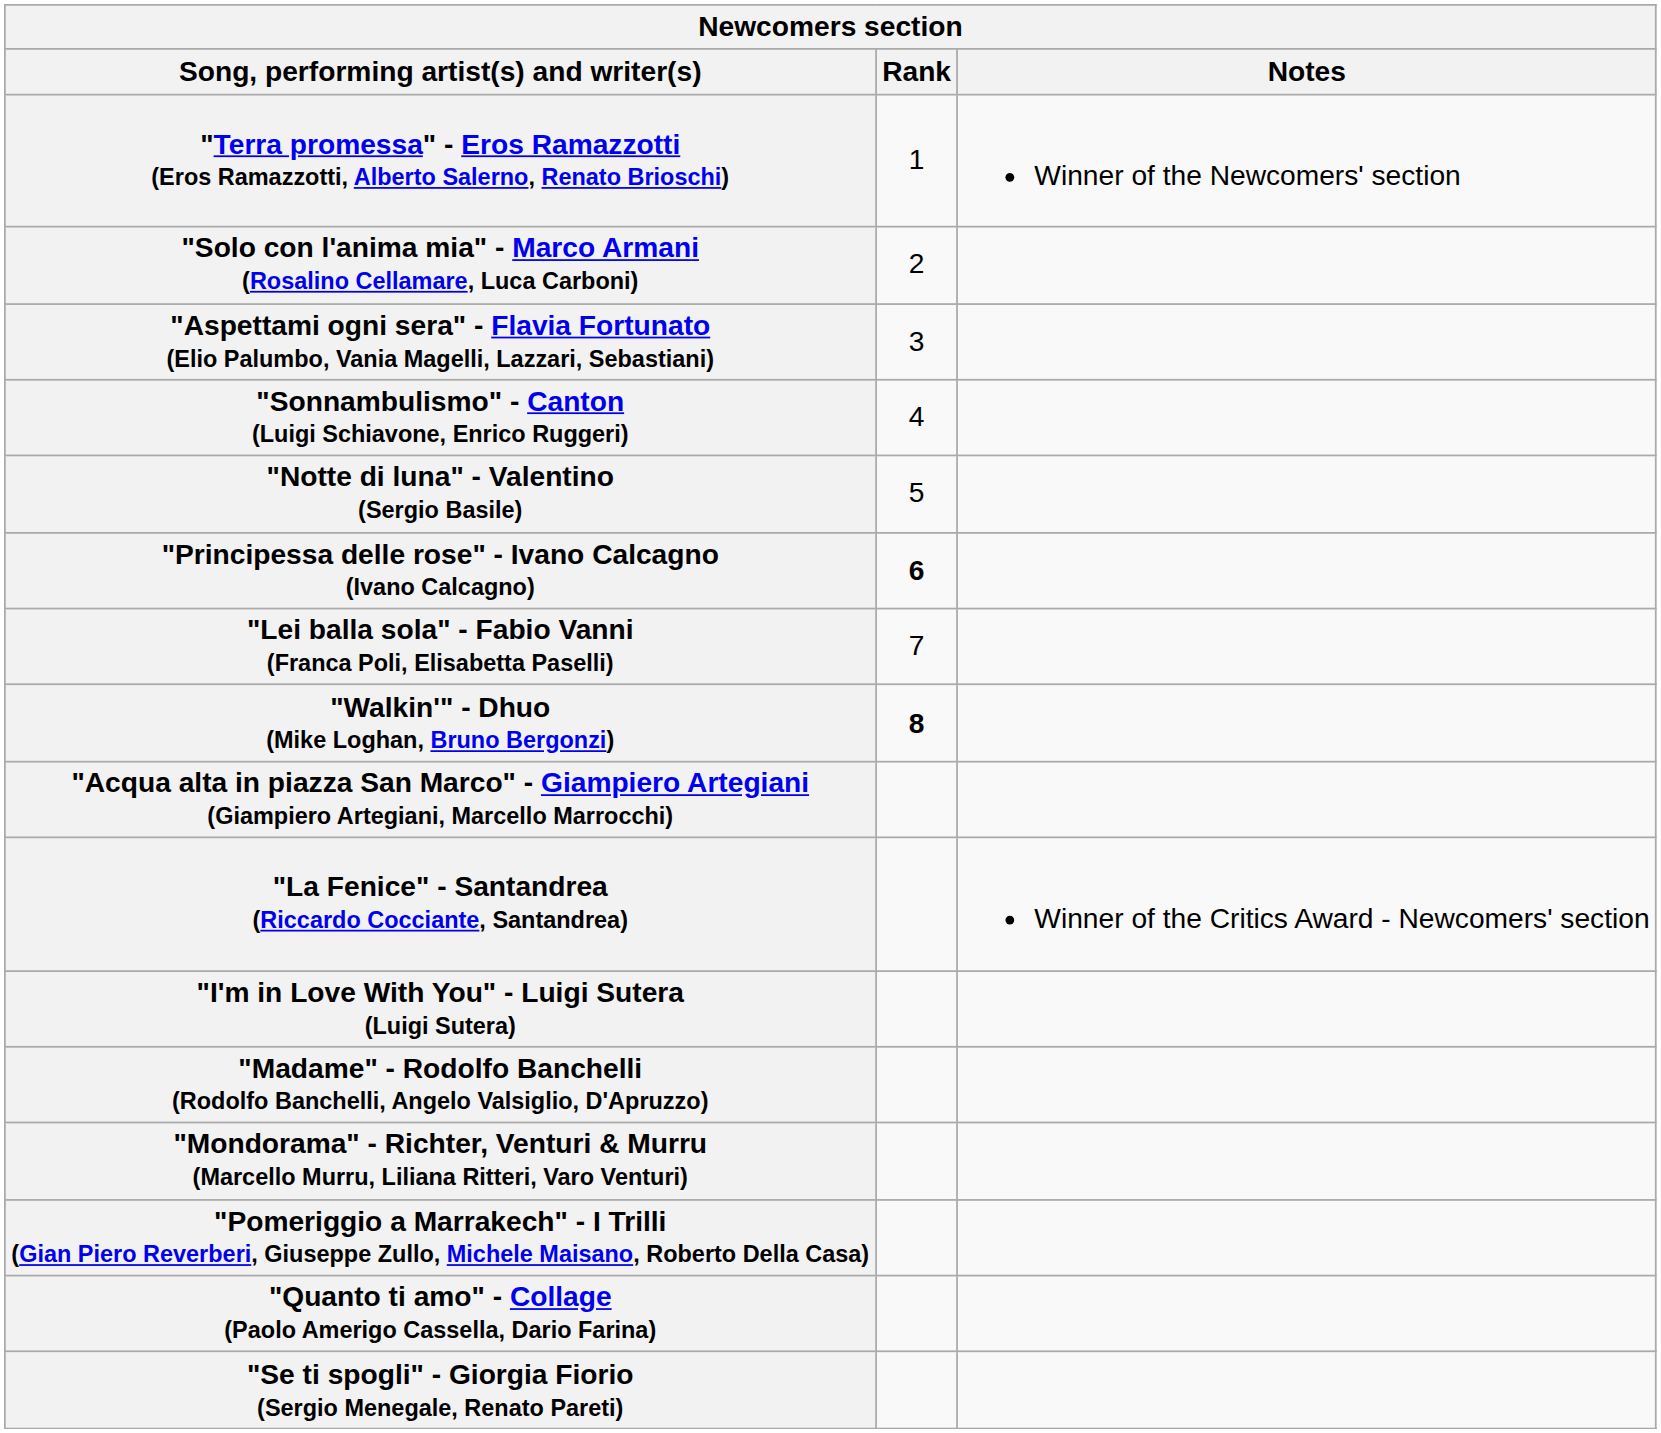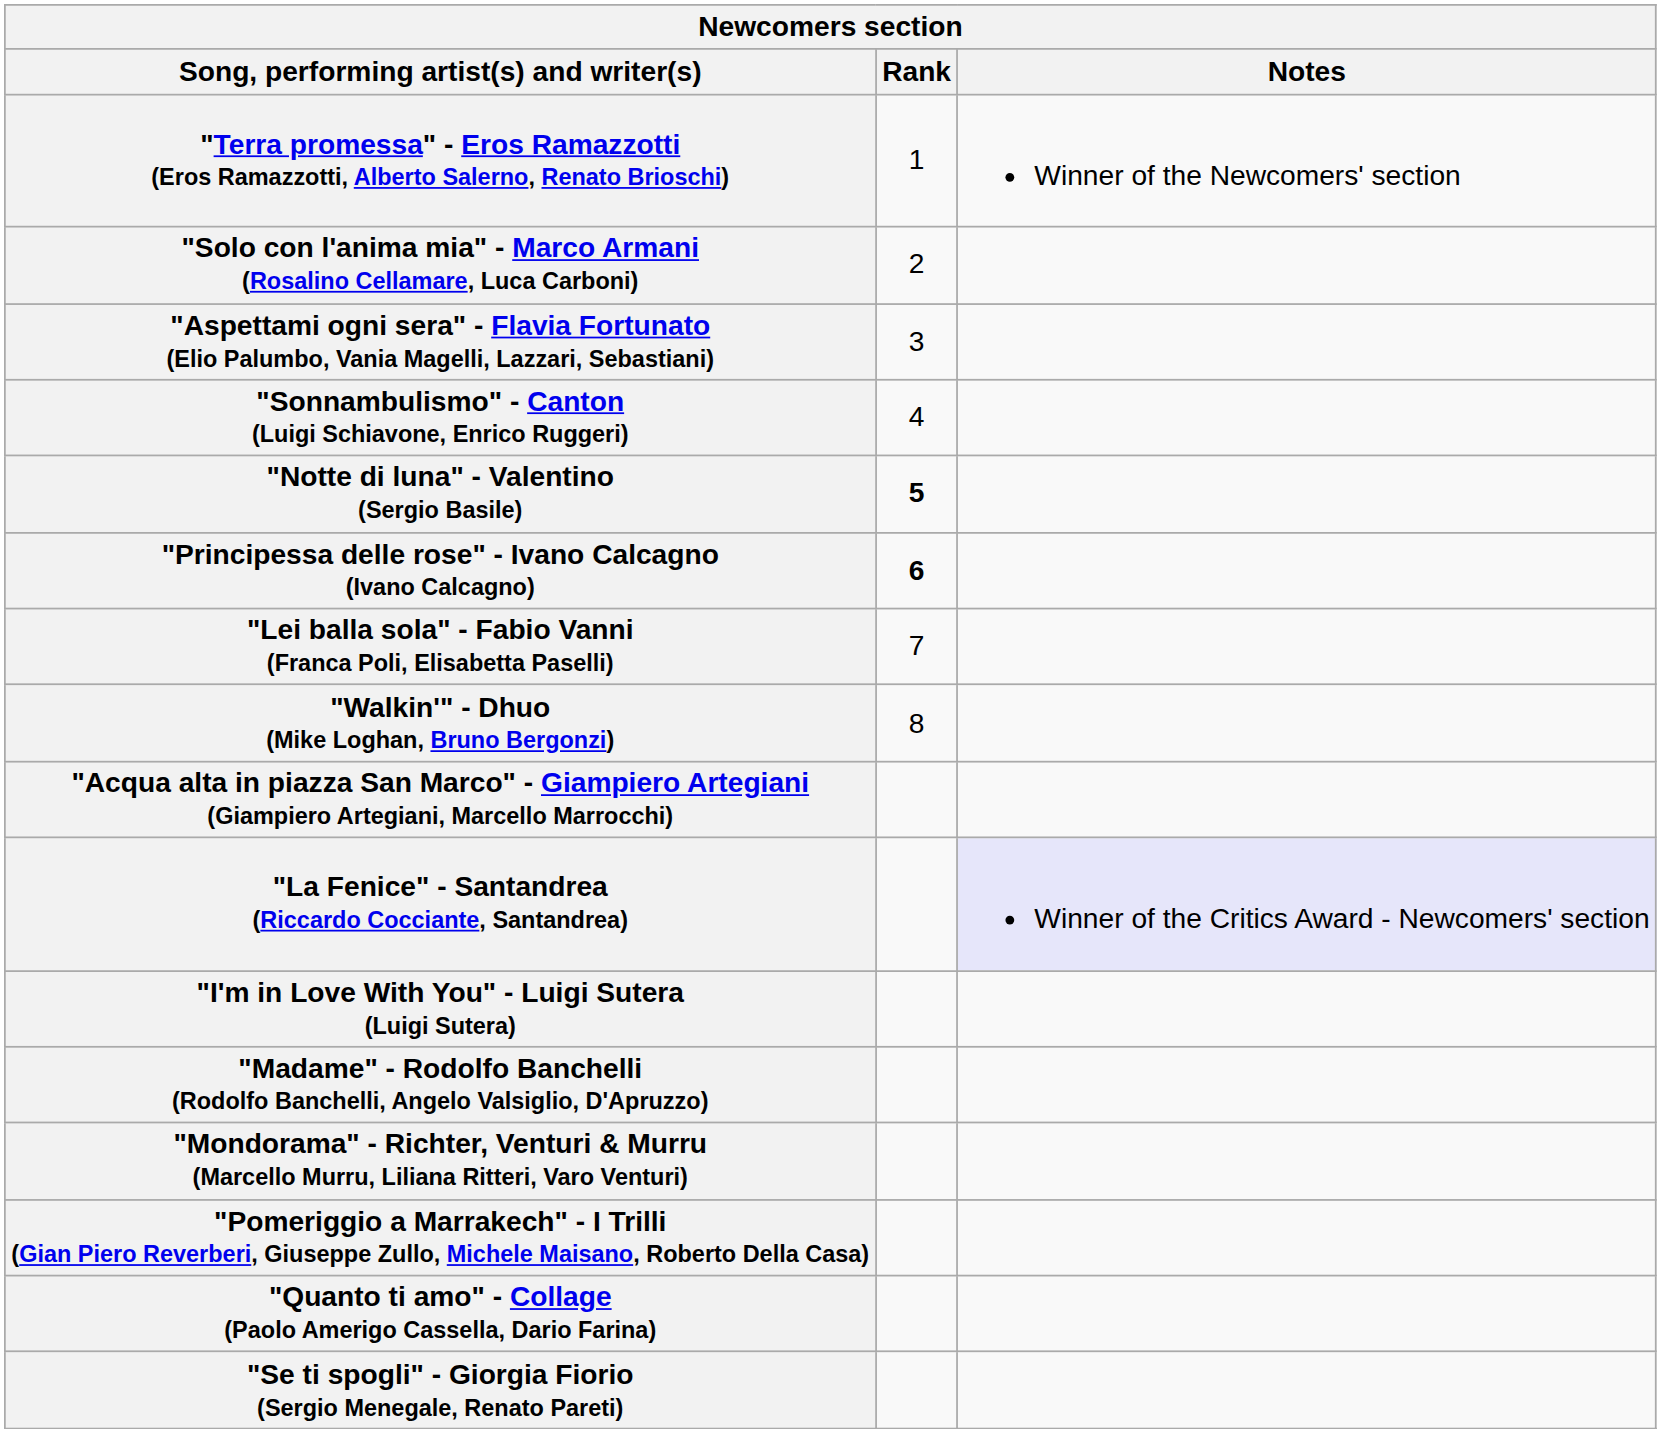 <table class="plainrowheaders wikitable">
 <tr>
 <th colspan="3">Newcomers section </th>
 </tr>
 <tr>
 <th>Song, performing artist(s) and writer(s)</th>
 <th>Rank</th>
 <th>Notes</th>
 </tr>
 <tr>
 <th scope="row">"<a href='#'>Terra promessa</a>" - <a href='#'>Eros Ramazzotti</a> <br><small>(Eros Ramazzotti, <a href='#'>Alberto Salerno</a>, <a href='#'>Renato Brioschi</a>)</small></th>
 <td style="text-align:center;">1</td>
 <td><br><ul><li>Winner of the Newcomers' section</li></ul></td>
 </tr>
 <tr>
 <th scope="row">"Solo con l'anima mia" - <a href='#'>Marco Armani</a> <br><small>(<a href='#'>Rosalino Cellamare</a>, Luca Carboni)</small></th>
 <td style="text-align:center;">2</td>
 <td></td>
 </tr>
 <tr>
 <th scope="row">"Aspettami ogni sera" - <a href='#'>Flavia Fortunato</a><br><small>(Elio Palumbo, Vania Magelli, Lazzari, Sebastiani)</small></th>
 <td style="text-align:center;">3</td>
 <td></td>
 </tr>
 <tr>
 <th scope="row">"Sonnambulismo" - <a href='#'>Canton</a> <br><small>(Luigi Schiavone, Enrico Ruggeri)</small></th>
 <td style="text-align:center;">4</td>
 <td></td>
 </tr>
 <tr>
 <th scope="row">"Notte di luna" - Valentino <br><small>(Sergio Basile)</small></th>
-<td style="text-align:center;">5</td>
+<td style="text-align:center;"><strong>5</strong></td>
 <td></td>
 </tr>
 <tr>
 <th scope="row">"Principessa delle rose" - Ivano Calcagno <br><small>(Ivano Calcagno)</small></th>
 <td style="text-align:center;"><strong>6</strong></td>
 <td></td>
 </tr>
 <tr>
 <th scope="row">"Lei balla sola" - Fabio Vanni <br><small>(Franca Poli, Elisabetta Paselli)</small></th>
 <td style="text-align:center;">7</td>
 <td></td>
 </tr>
 <tr>
 <th scope="row">"Walkin'" - Dhuo <br><small>(Mike Loghan, <a href='#'>Bruno Bergonzi</a>)</small></th>
-<td style="text-align:center;"><strong>8</strong></td>
+<td style="text-align:center;">8</td>
 <td></td>
 </tr>
 <tr>
 <th scope="row">"Acqua alta in piazza San Marco" - <a href='#'>Giampiero Artegiani</a> <br><small>(Giampiero Artegiani, Marcello Marrocchi)</small></th>
 <td></td>
 <td></td>
 </tr>
 <tr>
 <th scope="row">"La Fenice" - Santandrea <br><small>(<a href='#'>Riccardo Cocciante</a>, Santandrea)</small></th>
 <td></td>
-<td><br><ul><li>Winner of the Critics Award - Newcomers' section</li></ul></td>
+<td style="background: lavender;"><br><ul><li>Winner of the Critics Award - Newcomers' section</li></ul></td>
 </tr>
 <tr>
 <th scope="row">"I'm in Love With You" - Luigi Sutera <br><small>(Luigi Sutera)</small></th>
 <td></td>
 <td></td>
 </tr>
 <tr>
 <th scope="row">"Madame" - Rodolfo Banchelli <br><small>(Rodolfo Banchelli, Angelo Valsiglio, D'Apruzzo)</small></th>
 <td></td>
 <td></td>
 </tr>
 <tr>
 <th scope="row">"Mondorama" - Richter, Venturi & Murru <br><small>(Marcello Murru, Liliana Ritteri, Varo Venturi)</small></th>
 <td></td>
 <td></td>
 </tr>
 <tr>
 <th scope="row">"Pomeriggio a Marrakech" - I Trilli<br><small>(<a href='#'>Gian Piero Reverberi</a>, Giuseppe Zullo, <a href='#'>Michele Maisano</a>, Roberto Della Casa)</small></th>
 <td></td>
 <td></td>
 </tr>
 <tr>
 <th scope="row">"Quanto ti amo" - <a href='#'>Collage</a> <br><small>(Paolo Amerigo Cassella, Dario Farina)</small></th>
 <td></td>
 <td></td>
 </tr>
 <tr>
 <th scope="row">"Se ti spogli" - Giorgia Fiorio <br><small>(Sergio Menegale, Renato Pareti)</small></th>
 <td></td>
 <td></td>
 </tr>
 <tr>
 </tr>
 </table>
